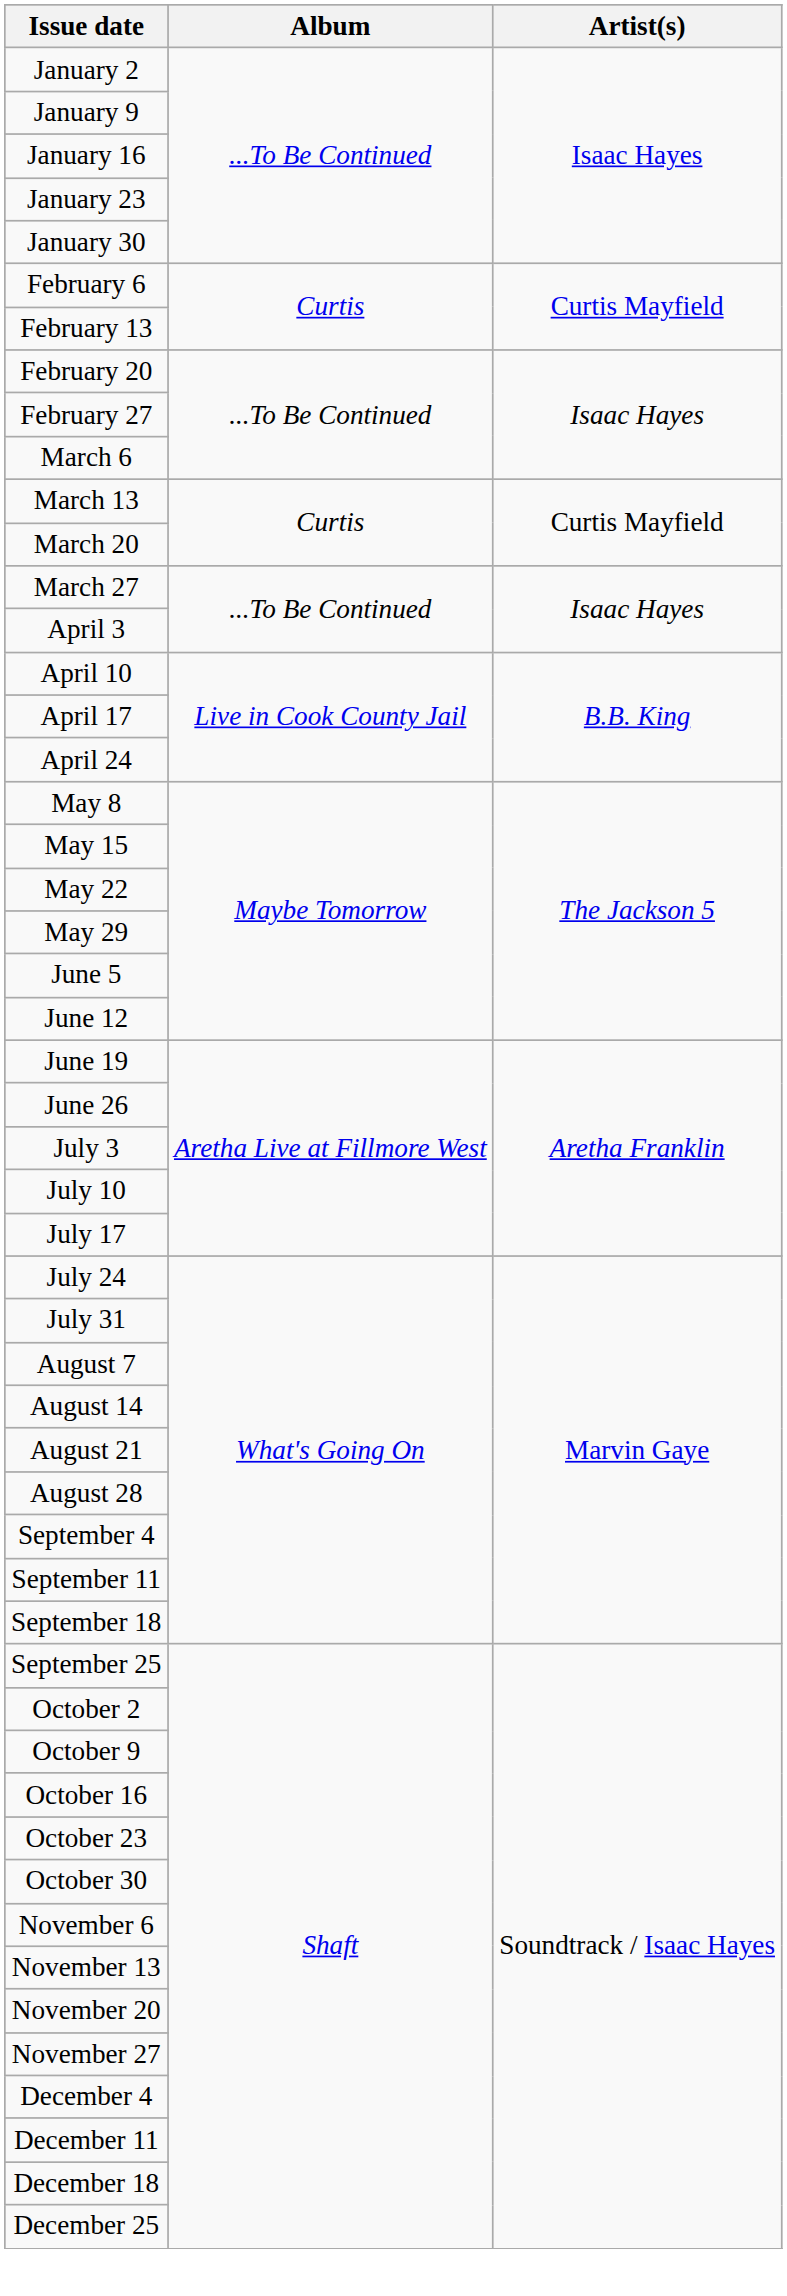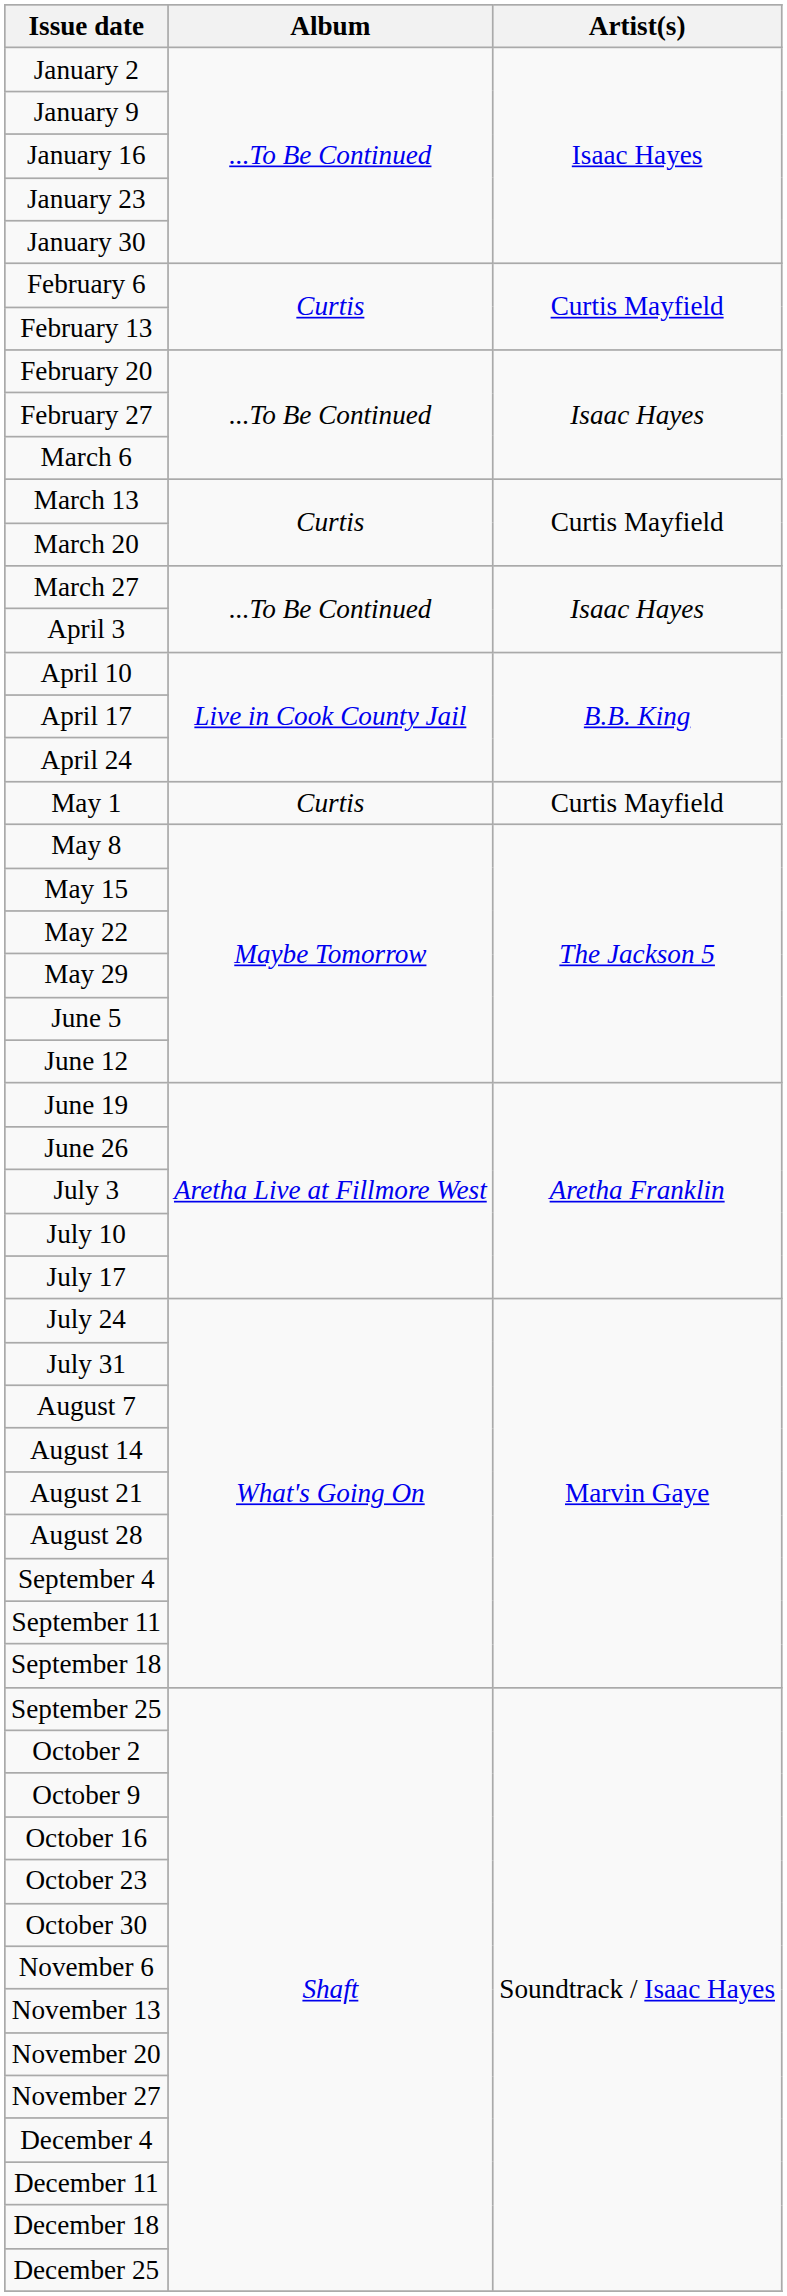 <table class="wikitable" style="text-align: center;">
 <tr>
 <th>Issue date</th>
 <th>Album</th>
 <th>Artist(s)</th>
 </tr>
 <tr>
 <td>January 2</td>
 <td rowspan="5"><em><a href='#'>...To Be Continued</a></em></td>
 <td rowspan="5"><a href='#'>Isaac Hayes</a></td>
 </tr>
 <tr>
 <td>January 9</td>
 </tr>
 <tr>
 <td>January 16</td>
 </tr>
 <tr>
 <td>January 23</td>
 </tr>
 <tr>
 <td>January 30</td>
 </tr>
 <tr>
 <td>February 6</td>
 <td rowspan="2"><em><a href='#'>Curtis</a></em></td>
 <td rowspan="2"><a href='#'>Curtis Mayfield</a></td>
 </tr>
 <tr>
 <td>February 13</td>
 </tr>
 <tr>
 <td>February 20</td>
 <td rowspan="3"><em>...To Be Continued</em></td>
 <td rowspan="3"><em>Isaac Hayes</em></td>
 </tr>
 <tr>
 <td>February 27</td>
 </tr>
 <tr>
 <td>March 6</td>
 </tr>
 <tr>
 <td>March 13</td>
 <td rowspan="2"><em>Curtis</em></td>
 <td rowspan="2">Curtis Mayfield</td>
 </tr>
 <tr>
 <td>March 20</td>
 </tr>
 <tr>
 <td>March 27</td>
 <td rowspan="2"><em>...To Be Continued</em></td>
 <td rowspan="2"><em>Isaac Hayes</em></td>
 </tr>
 <tr>
 <td>April 3</td>
 </tr>
 <tr>
 <td>April 10</td>
 <td rowspan="3"><em><a href='#'>Live in Cook County Jail</a></em></td>
 <td rowspan="3"><em><a href='#'>B.B. King</a></em></td>
 </tr>
 <tr>
 <td>April 17</td>
 </tr>
 <tr>
 <td>April 24</td>
+</tr>
+<tr>
+<td>May 1</td>
+<td><em>Curtis</em></td>
+<td>Curtis Mayfield</td>
 </tr>
 <tr>
 <td>May 8</td>
 <td rowspan="6"><em><a href='#'>Maybe Tomorrow</a></em></td>
 <td rowspan="6"><em><a href='#'>The Jackson 5</a></em></td>
 </tr>
 <tr>
 <td>May 15</td>
 </tr>
 <tr>
 <td>May 22</td>
 </tr>
 <tr>
 <td>May 29</td>
 </tr>
 <tr>
 <td>June 5</td>
 </tr>
 <tr>
 <td>June 12</td>
 </tr>
 <tr>
 <td>June 19</td>
 <td rowspan="5"><em><a href='#'>Aretha Live at Fillmore West</a></em></td>
 <td rowspan="5"><em><a href='#'>Aretha Franklin</a></em></td>
 </tr>
 <tr>
 <td>June 26</td>
 </tr>
 <tr>
 <td>July 3</td>
 </tr>
 <tr>
 <td>July 10</td>
 </tr>
 <tr>
 <td>July 17</td>
 </tr>
 <tr>
 <td>July 24</td>
 <td rowspan="9"><em><a href='#'>What's Going On</a></em></td>
 <td rowspan="9"><a href='#'>Marvin Gaye</a></td>
 </tr>
 <tr>
 <td>July 31</td>
 </tr>
 <tr>
 <td>August 7</td>
 </tr>
 <tr>
 <td>August 14</td>
 </tr>
 <tr>
 <td>August 21</td>
 </tr>
 <tr>
 <td>August 28</td>
 </tr>
 <tr>
 <td>September 4</td>
 </tr>
 <tr>
 <td>September 11</td>
 </tr>
 <tr>
 <td>September 18</td>
 </tr>
 <tr>
 <td>September 25</td>
 <td rowspan="14"><em><a href='#'>Shaft</a></em></td>
 <td rowspan="14">Soundtrack / <a href='#'>Isaac Hayes</a></td>
 </tr>
 <tr>
 <td>October 2</td>
 </tr>
 <tr>
 <td>October 9</td>
 </tr>
 <tr>
 <td>October 16</td>
 </tr>
 <tr>
 <td>October 23</td>
 </tr>
 <tr>
 <td>October 30</td>
 </tr>
 <tr>
 <td>November 6</td>
 </tr>
 <tr>
 <td>November 13</td>
 </tr>
 <tr>
 <td>November 20</td>
 </tr>
 <tr>
 <td>November 27</td>
 </tr>
 <tr>
 <td>December 4</td>
 </tr>
 <tr>
 <td>December 11</td>
 </tr>
 <tr>
 <td>December 18</td>
 </tr>
 <tr>
 <td>December 25</td>
 </tr>
 <tr>
 </tr>
 </table>
